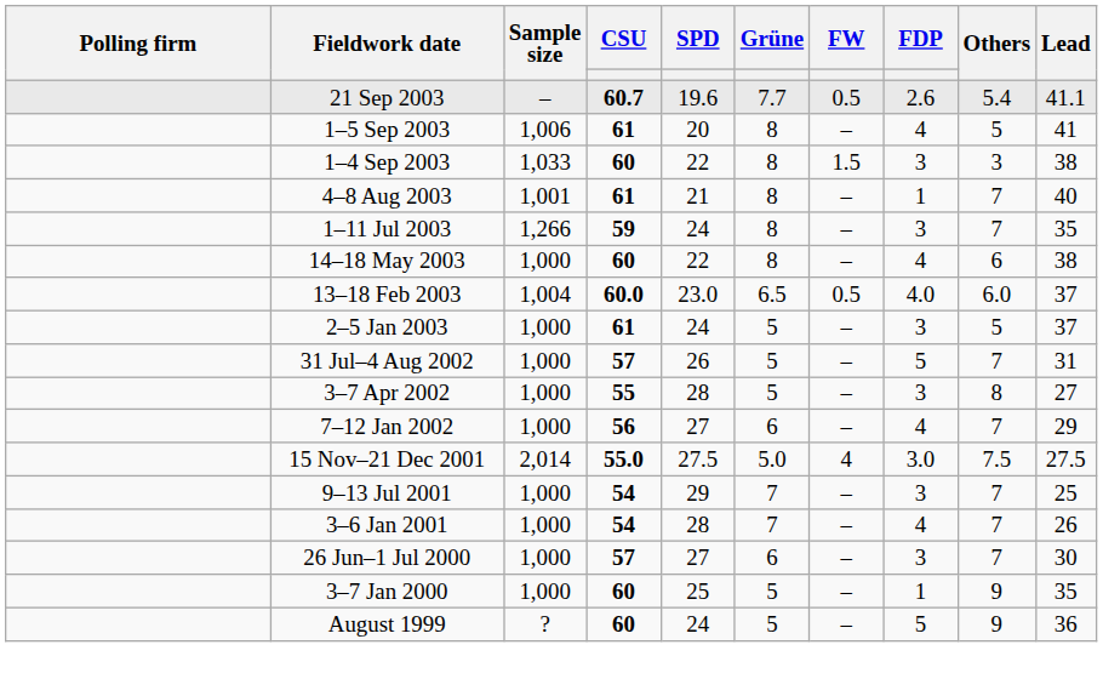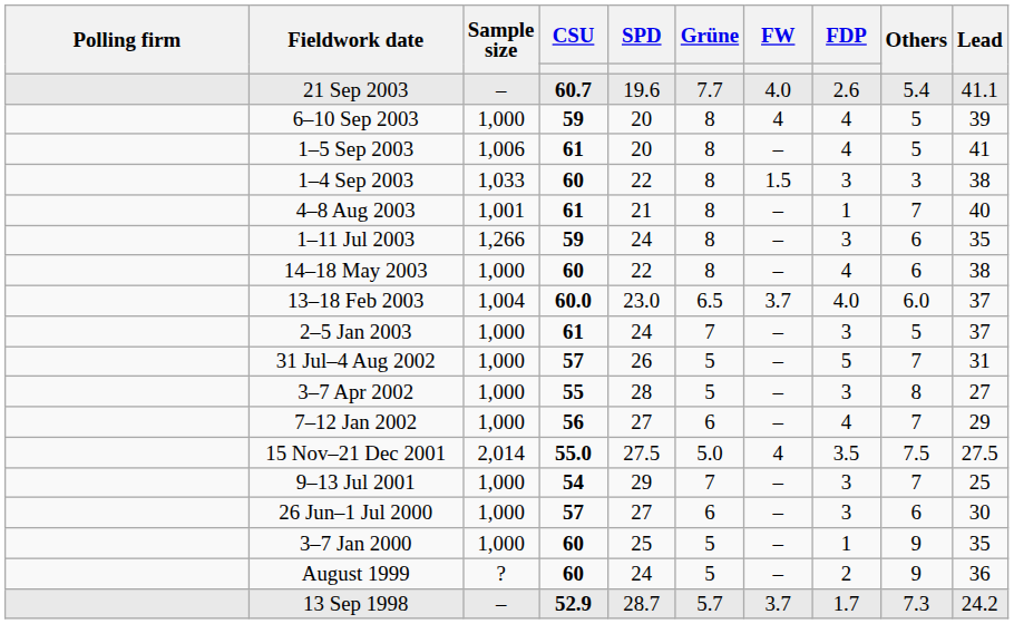 <table class="wikitable sortable" style="text-align:center;font-size:90%;line-height:14px;">
 <tr style="height:40px;">
 <th style="width:160px;" rowspan="2">Polling firm</th>
 <th style="width:140px;" rowspan="2">Fieldwork date</th>
 <th style="width:35px;" rowspan="2">Sample<br>size</th>
 <th class="unsortable" style="width:40px;"><a href='#'>CSU</a></th>
 <th class="unsortable" style="width:40px;"><a href='#'>SPD</a></th>
 <th class="unsortable" style="width:40px;"><a href='#'>Grüne</a></th>
 <th class="unsortable" style="width:40px;"><a href='#'>FW</a></th>
 <th class="unsortable" style="width:40px;"><a href='#'>FDP</a></th>
 <th class="unsortable" style="width:40px;" rowspan="2">Others</th>
 <th style="width:30px;" rowspan="2">Lead</th>
 </tr>
 <tr>
 <th style="background:"></th>
 <th style="background:"></th>
 <th style="background:"></th>
 <th style="background:"></th>
 <th style="background:"></th>
 </tr>
 <tr style="background:#E9E9E9;">
 <td></td>
 <td data-sort-value="2003-09-21">21 Sep 2003</td>
 <td>–</td>
 <td><strong>60.7</strong></td>
 <td>19.6</td>
 <td>7.7</td>
-<td>0.5</td>
+<td>4.0</td>
 <td>2.6</td>
 <td>5.4</td>
 <td style="background:">41.1</td>
+</tr>
+<tr>
+<td></td>
+<td data-sort-value="2003-09-11">6–10 Sep 2003</td>
+<td>1,000</td>
+<td><strong>59</strong></td>
+<td>20</td>
+<td>8</td>
+<td>4</td>
+<td>4</td>
+<td>5</td>
+<td style="background:">39</td>
 </tr>
 <tr>
 <td></td>
 <td data-sort-value="2003-09-09">1–5 Sep 2003</td>
 <td>1,006</td>
 <td><strong>61</strong></td>
 <td>20</td>
 <td>8</td>
 <td>–</td>
 <td>4</td>
 <td>5</td>
 <td style="background:">41</td>
 </tr>
 <tr>
 <td></td>
 <td data-sort-value="2003-09-05">1–4 Sep 2003</td>
 <td>1,033</td>
 <td><strong>60</strong></td>
 <td>22</td>
 <td>8</td>
 <td>1.5</td>
 <td>3</td>
 <td>3</td>
 <td style="background:">38</td>
 </tr>
 <tr>
 <td></td>
 <td data-sort-value="2003-08-13">4–8 Aug 2003</td>
 <td>1,001</td>
 <td><strong>61</strong></td>
 <td>21</td>
 <td>8</td>
 <td>–</td>
 <td>1</td>
 <td>7</td>
 <td style="background:">40</td>
 </tr>
 <tr>
 <td></td>
 <td data-sort-value="2003-07-16">1–11 Jul 2003</td>
 <td>1,266</td>
 <td><strong>59</strong></td>
 <td>24</td>
 <td>8</td>
 <td>–</td>
 <td>3</td>
-<td>7</td>
+<td>6</td>
 <td style="background:">35</td>
 </tr>
 <tr>
 <td></td>
 <td data-sort-value="2003-05-21">14–18 May 2003</td>
 <td>1,000</td>
 <td><strong>60</strong></td>
 <td>22</td>
 <td>8</td>
 <td>–</td>
 <td>4</td>
 <td>6</td>
 <td style="background:">38</td>
 </tr>
 <tr>
 <td></td>
 <td data-sort-value="2003-02-18">13–18 Feb 2003</td>
 <td>1,004</td>
 <td><strong>60.0</strong></td>
 <td>23.0</td>
 <td>6.5</td>
-<td>0.5</td>
+<td>3.7</td>
 <td>4.0</td>
 <td>6.0</td>
 <td style="background:">37</td>
 </tr>
 <tr>
 <td></td>
 <td data-sort-value="2003-01-08">2–5 Jan 2003</td>
 <td>1,000</td>
 <td><strong>61</strong></td>
 <td>24</td>
-<td>5</td>
+<td>7</td>
 <td>–</td>
 <td>3</td>
 <td>5</td>
 <td style="background:">37</td>
 </tr>
 <tr>
 <td></td>
 <td data-sort-value="2002-08-07">31 Jul–4 Aug 2002</td>
 <td>1,000</td>
 <td><strong>57</strong></td>
 <td>26</td>
 <td>5</td>
 <td>–</td>
 <td>5</td>
 <td>7</td>
 <td style="background:">31</td>
 </tr>
 <tr>
 <td></td>
 <td data-sort-value="2002-04-10">3–7 Apr 2002</td>
 <td>1,000</td>
 <td><strong>55</strong></td>
 <td>28</td>
 <td>5</td>
 <td>–</td>
 <td>3</td>
 <td>8</td>
 <td style="background:">27</td>
 </tr>
 <tr>
 <td></td>
 <td data-sort-value="2002-01-18">7–12 Jan 2002</td>
 <td>1,000</td>
 <td><strong>56</strong></td>
 <td>27</td>
 <td>6</td>
 <td>–</td>
 <td>4</td>
 <td>7</td>
 <td style="background:">29</td>
 </tr>
 <tr>
 <td></td>
 <td data-sort-value="2001-12-21">15 Nov–21 Dec 2001</td>
 <td>2,014</td>
 <td><strong>55.0</strong></td>
 <td>27.5</td>
 <td>5.0</td>
 <td>4</td>
-<td>3.0</td>
+<td>3.5</td>
 <td>7.5</td>
 <td style="background:">27.5</td>
 </tr>
 <tr>
 <td></td>
 <td data-sort-value="2001-07-18">9–13 Jul 2001</td>
 <td>1,000</td>
 <td><strong>54</strong></td>
 <td>29</td>
 <td>7</td>
 <td>–</td>
 <td>3</td>
 <td>7</td>
 <td style="background:">25</td>
 </tr>
 <tr>
 <td></td>
-<td data-sort-value="2001-01-10">3–6 Jan 2001</td>
-<td>1,000</td>
-<td><strong>54</strong></td>
-<td>28</td>
-<td>7</td>
-<td>–</td>
-<td>4</td>
-<td>7</td>
-<td style="background:">26</td>
-</tr>
-<tr>
-<td></td>
 <td data-sort-value="2000-07-10">26 Jun–1 Jul 2000</td>
 <td>1,000</td>
 <td><strong>57</strong></td>
 <td>27</td>
 <td>6</td>
 <td>–</td>
 <td>3</td>
-<td>7</td>
+<td>6</td>
 <td style="background:">30</td>
 </tr>
 <tr>
 <td></td>
 <td data-sort-value="2000-01-12">3–7 Jan 2000</td>
 <td>1,000</td>
 <td><strong>60</strong></td>
 <td>25</td>
 <td>5</td>
 <td>–</td>
 <td>1</td>
 <td>9</td>
 <td style="background:">35</td>
 </tr>
 <tr>
 <td></td>
 <td data-sort-value="1999-08-04">August 1999</td>
 <td>?</td>
 <td><strong>60</strong></td>
 <td>24</td>
 <td>5</td>
 <td>–</td>
-<td>5</td>
+<td>2</td>
 <td>9</td>
 <td style="background:">36</td>
 </tr>
+<tr style="background:#E9E9E9;">
+<td></td>
+<td data-sort-value="1998-09-13">13 Sep 1998</td>
+<td>–</td>
+<td><strong>52.9</strong></td>
+<td>28.7</td>
+<td>5.7</td>
+<td>3.7</td>
+<td>1.7</td>
+<td>7.3</td>
+<td style="background:">24.2</td>
+</tr>
 </table>
